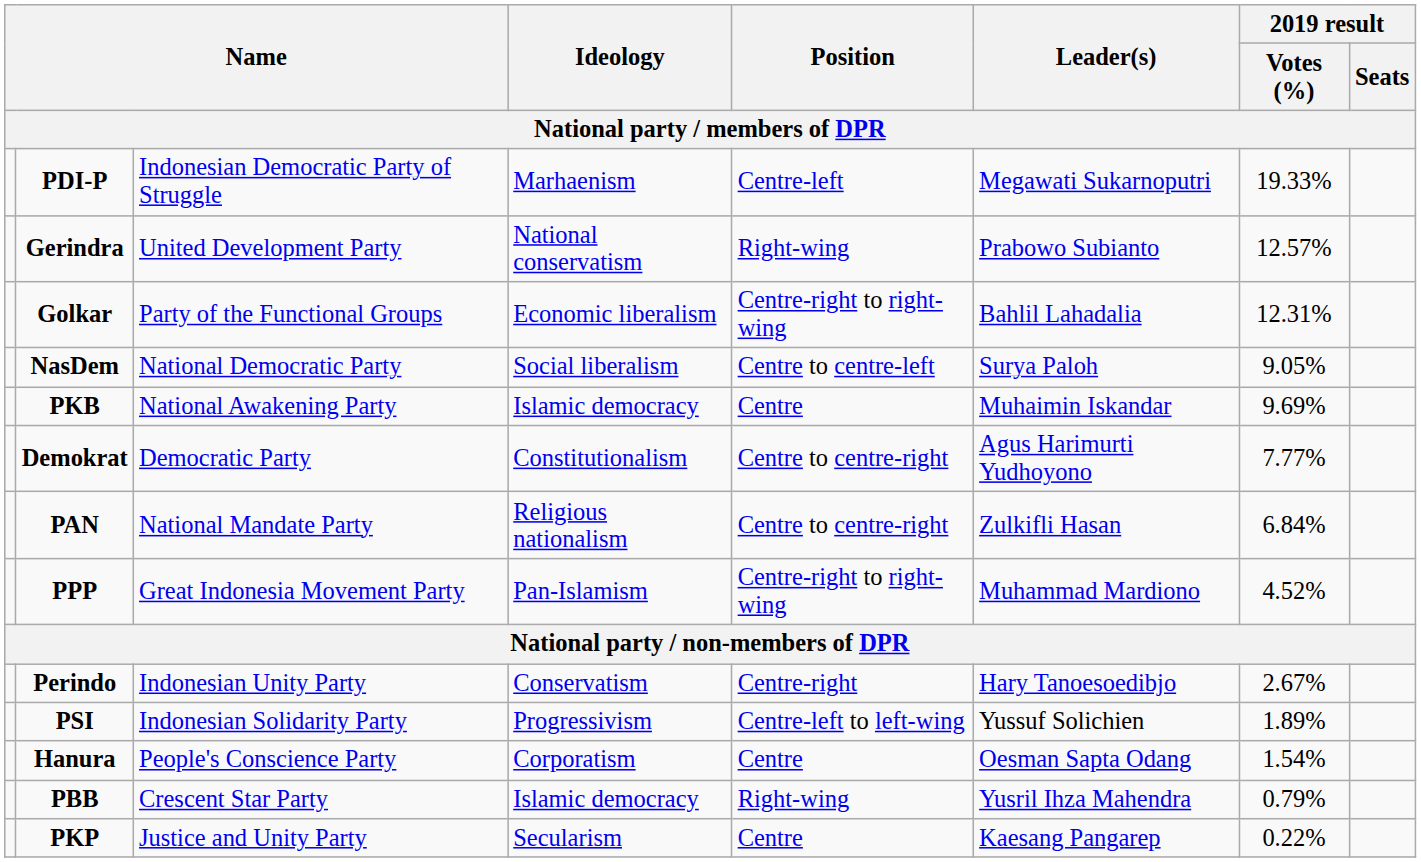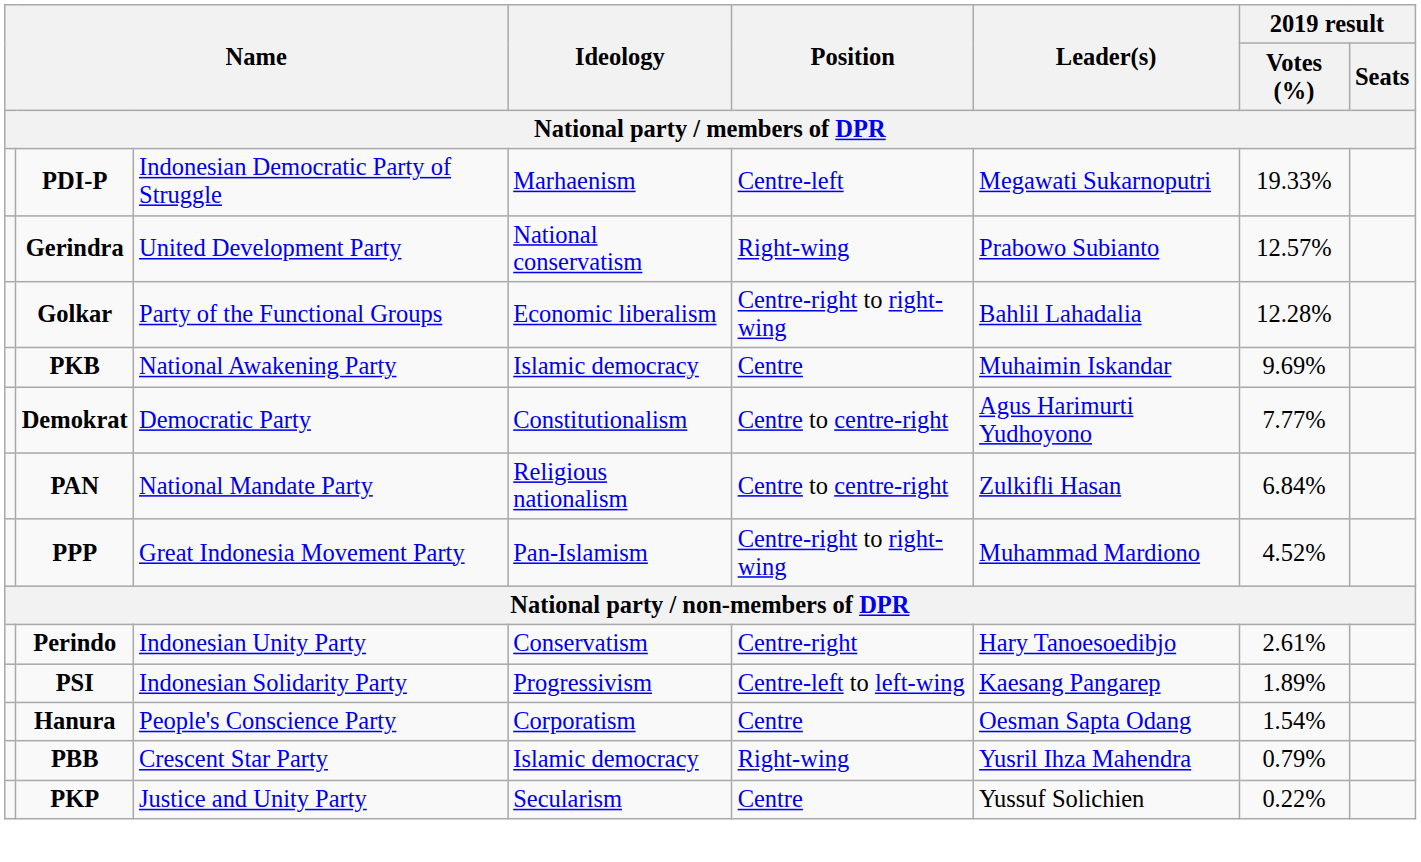 <table class="wikitable" style="width:73%;">
 <tr>
 <th colspan="3" rowspan="2">Name</th>
 <th rowspan="2">Ideology</th>
 <th rowspan="2">Position</th>
 <th rowspan="2">Leader(s)</th>
 <th colspan="2">2019 result</th>
 </tr>
 <tr>
 <th>Votes (%)</th>
 <th>Seats</th>
 </tr>
 <tr>
 <th colspan="8">National party / members of <a href='#'>DPR</a></th>
 </tr>
 <tr>
 <td style="background:"></td>
 <td style="text-align:center;"><strong>PDI-P</strong></td>
 <td><a href='#'>Indonesian Democratic Party of Struggle</a><br></td>
 <td><a href='#'>Marhaenism</a></td>
 <td><a href='#'>Centre-left</a></td>
 <td><a href='#'>Megawati Sukarnoputri</a></td>
 <td style="text-align:center;">19.33%</td>
 <td></td>
 </tr>
 <tr>
 <td style="background:"></td>
 <td style="text-align:center;"><strong>Gerindra</strong></td>
 <td><a href='#'>United Development Party</a><br></td>
 <td><a href='#'>National conservatism</a></td>
 <td><a href='#'>Right-wing</a></td>
 <td><a href='#'>Prabowo Subianto</a></td>
 <td style="text-align:center;">12.57%</td>
 <td></td>
 </tr>
 <tr>
 <td style="background:"></td>
 <td style="text-align:center;"><strong>Golkar</strong></td>
 <td><a href='#'>Party of the Functional Groups</a><br></td>
 <td><a href='#'>Economic liberalism</a></td>
 <td><a href='#'>Centre-right</a> to <a href='#'>right-wing</a></td>
 <td><a href='#'>Bahlil Lahadalia</a></td>
-<td style="text-align:center;">12.31%</td>
-<td></td>
-</tr>
-<tr>
-<td style="background:"></td>
-<td style="text-align:center;"><strong>NasDem</strong></td>
-<td><a href='#'>National Democratic Party</a><br></td>
-<td><a href='#'>Social liberalism</a></td>
-<td><a href='#'>Centre</a> to <a href='#'>centre-left</a></td>
-<td><a href='#'>Surya Paloh</a></td>
-<td style="text-align:center;">9.05%</td>
+<td style="text-align:center;">12.28%</td>
 <td></td>
 </tr>
 <tr>
 <td style="background:"></td>
 <td style="text-align:center;"><strong>PKB</strong></td>
 <td><a href='#'>National Awakening Party</a><br></td>
 <td><a href='#'>Islamic democracy</a></td>
 <td><a href='#'>Centre</a></td>
 <td><a href='#'>Muhaimin Iskandar</a></td>
 <td style="text-align:center;">9.69%</td>
 <td></td>
 </tr>
 <tr>
 <td style="background:"></td>
 <td style="text-align:center;"><strong>Demokrat</strong></td>
 <td><a href='#'>Democratic Party</a><br></td>
 <td><a href='#'>Constitutionalism</a></td>
 <td><a href='#'>Centre</a> to <a href='#'>centre-right</a></td>
 <td><a href='#'>Agus Harimurti Yudhoyono</a></td>
 <td style="text-align:center;">7.77%</td>
 <td></td>
 </tr>
 <tr>
 <td style="background:"></td>
 <td style="text-align:center;"><strong>PAN</strong></td>
 <td><a href='#'>National Mandate Party</a><br></td>
 <td><a href='#'>Religious nationalism</a></td>
 <td><a href='#'>Centre</a> to <a href='#'>centre-right</a></td>
 <td><a href='#'>Zulkifli Hasan</a></td>
 <td style="text-align:center;">6.84%</td>
 <td></td>
 </tr>
 <tr>
 <td style="background:"></td>
 <td style="text-align:center;"><strong>PPP</strong></td>
 <td><a href='#'>Great Indonesia Movement Party</a><br></td>
 <td><a href='#'>Pan-Islamism</a></td>
 <td><a href='#'>Centre-right</a> to <a href='#'>right-wing</a></td>
 <td><a href='#'>Muhammad Mardiono</a></td>
 <td style="text-align:center;">4.52%</td>
 <td></td>
 </tr>
 <tr>
 <th colspan="8">National party / non-members of <a href='#'>DPR</a></th>
 </tr>
 <tr>
 <td style="background:"></td>
 <td style="text-align:center;"><strong>Perindo</strong></td>
 <td><a href='#'>Indonesian Unity Party</a><br></td>
 <td><a href='#'>Conservatism</a></td>
 <td><a href='#'>Centre-right</a></td>
 <td><a href='#'>Hary Tanoesoedibjo</a></td>
-<td style="text-align:center;">2.67%</td>
+<td style="text-align:center;">2.61%</td>
 <td></td>
 </tr>
 <tr>
 <td style="background:"></td>
 <td style="text-align:center;"><strong>PSI</strong></td>
 <td><a href='#'>Indonesian Solidarity Party</a><br></td>
 <td><a href='#'>Progressivism</a></td>
 <td><a href='#'>Centre-left</a> to <a href='#'>left-wing</a></td>
-<td>Yussuf Solichien</td>
+<td><a href='#'>Kaesang Pangarep</a></td>
 <td style="text-align:center;">1.89%</td>
 <td></td>
 </tr>
 <tr>
 <td style="background:"></td>
 <td style="text-align:center;"><strong>Hanura</strong></td>
 <td><a href='#'>People's Conscience Party</a><br></td>
 <td><a href='#'>Corporatism</a></td>
 <td><a href='#'>Centre</a></td>
 <td><a href='#'>Oesman Sapta Odang</a></td>
 <td style="text-align:center;">1.54%</td>
 <td></td>
 </tr>
 <tr>
 <td style="background:"></td>
 <td style="text-align:center;"><strong>PBB</strong></td>
 <td><a href='#'>Crescent Star Party</a><br></td>
 <td><a href='#'>Islamic democracy</a></td>
 <td><a href='#'>Right-wing</a></td>
 <td><a href='#'>Yusril Ihza Mahendra</a></td>
 <td style="text-align:center;">0.79%</td>
 <td></td>
 </tr>
 <tr>
 <td style="background:"></td>
 <td style="text-align:center;"><strong>PKP</strong></td>
 <td><a href='#'>Justice and Unity Party</a><br></td>
 <td><a href='#'>Secularism</a></td>
 <td><a href='#'>Centre</a></td>
-<td><a href='#'>Kaesang Pangarep</a></td>
+<td>Yussuf Solichien</td>
 <td style="text-align:center;">0.22%</td>
 <td></td>
 </tr>
 </table>
